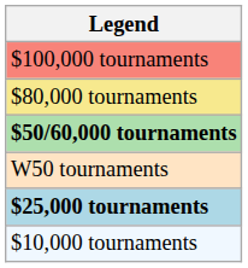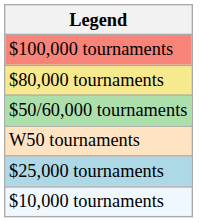 <table class=wikitable style=font-size:85%>
 <tr>
 <th>Legend</th>
 </tr>
 <tr style="background:#f88379;">
 <td>$100,000 tournaments</td>
 </tr>
 <tr style="background:#f7e98e;">
 <td>$80,000 tournaments</td>
 </tr>
 <tr style="background:#addfad;">
-<td><strong>$50/60,000 tournaments</strong></td>
+<td>$50/60,000 tournaments</td>
 </tr>
 <tr style="background:#ffe4c4;">
 <td>W50 tournaments</td>
 </tr>
 <tr style="background:lightblue;">
-<td><strong>$25,000 tournaments</strong></td>
+<td>$25,000 tournaments</td>
 </tr>
 <tr style="background:#f0f8ff;">
 <td>$10,000 tournaments</td>
 </tr>
 </table>
